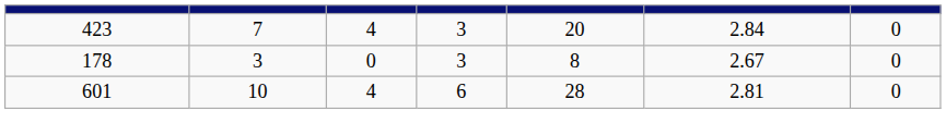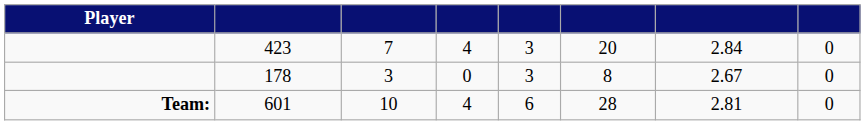 <table class="wikitable sortable" style="width:60%; text-align:center;">
 <tr>
+<th style="color:white; background:#081073; ">Player</th>
 <th style="color:white; background:#081073; "></th>
 <th style="color:white; background:#081073; "></th>
 <th style="color:white; background:#081073; "></th>
 <th style="color:white; background:#081073; "></th>
 <th style="color:white; background:#081073; "></th>
 <th style="color:white; background:#081073; "></th>
 <th style="color:white; background:#081073; "></th>
 </tr>
 <tr align="center">
+<td align="right"></td>
 <td>423</td>
 <td>7</td>
 <td>4</td>
 <td>3</td>
 <td>20</td>
 <td>2.84</td>
 <td>0</td>
 </tr>
 <tr align="center">
+<td align="right"></td>
 <td>178</td>
 <td>3</td>
 <td>0</td>
 <td>3</td>
 <td>8</td>
 <td>2.67</td>
 <td>0</td>
 </tr>
 <tr align="center">
+<td align="right"><strong>Team:</strong></td>
 <td>601</td>
 <td>10</td>
 <td>4</td>
 <td>6</td>
 <td>28</td>
 <td>2.81</td>
 <td>0</td>
 </tr>
 </table>
